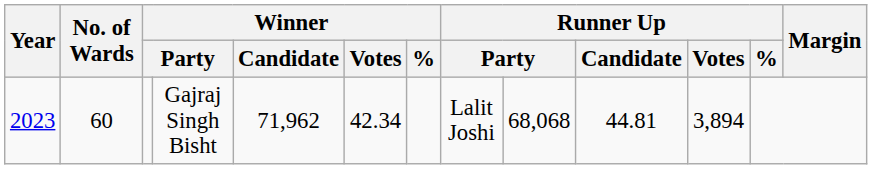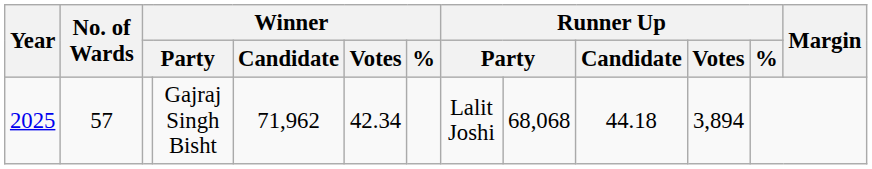 <table class="wikitable sortable" style="text-align:center;">
 <tr>
 <th rowspan="2">Year</th>
 <th rowspan="2">No. of Wards</th>
 <th colspan="5">Winner</th>
 <th colspan="5">Runner Up</th>
 <th rowspan="2">Margin</th>
 </tr>
 <tr>
 <th colspan="2">Party</th>
 <th>Candidate</th>
 <th>Votes</th>
 <th>%</th>
 <th colspan="2">Party</th>
 <th>Candidate</th>
 <th>Votes</th>
 <th>%</th>
 </tr>
 <tr>
-<td><a href='#'>2023</a></td>
-<td>60</td>
+<td><a href='#'>2025</a></td>
+<td>57</td>
 <td></td>
 <td>Gajraj Singh Bisht</td>
 <td>71,962</td>
 <td>42.34</td>
 <td></td>
 <td>Lalit Joshi</td>
 <td>68,068</td>
-<td>44.81</td>
+<td>44.18</td>
 <td style="background:">3,894</td>
 </tr>
 </table>
